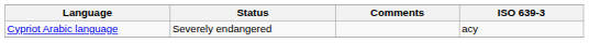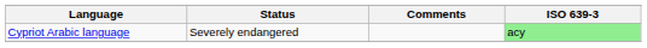 <table class="wikitable" align="center" style="font-size:90%">
 <tr>
 </tr>
 <tr>
 <th width="20%">Language</th>
 <th width="20%">Status</th>
 <th width="15%">Comments</th>
 <th width="15%">ISO 639-3</th>
 </tr>
 <tr>
 <td><a href='#'>Cypriot Arabic language</a></td>
 <td>Severely endangered</td>
 <td> </td>
-<td>acy</td>
+<td style="background: lightgreen;">acy</td>
 </tr>
 <tr>
 </tr>
 </table>
